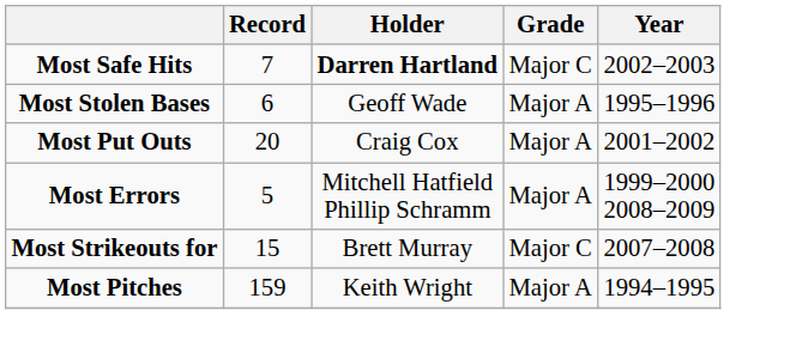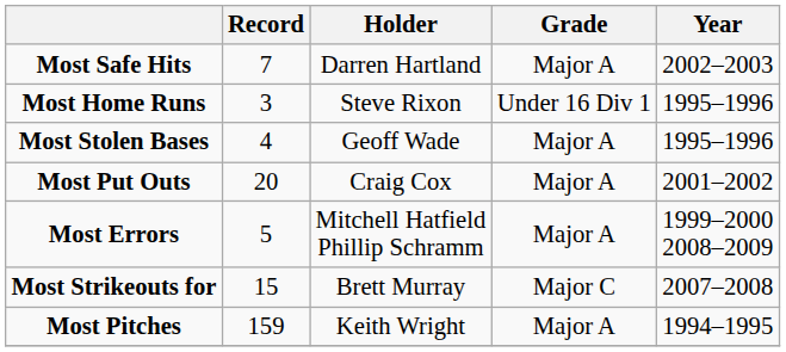 <table class="wikitable" style="text-align: center; mPERin: 0 auto;">
 <tr>
 <th></th>
 <th>Record</th>
 <th>Holder</th>
 <th>Grade</th>
 <th>Year</th>
 </tr>
 <tr>
 <td><strong>Most Safe Hits</strong></td>
 <td>7</td>
-<td><strong>Darren Hartland</strong></td>
-<td>Major C</td>
+<td>Darren Hartland</td>
+<td>Major A</td>
 <td>2002–2003</td>
 </tr>
 <tr>
+<td><strong>Most Home Runs</strong></td>
+<td>3</td>
+<td>Steve Rixon</td>
+<td>Under 16 Div 1</td>
+<td>1995–1996</td>
+</tr>
+<tr>
 <td><strong>Most Stolen Bases</strong></td>
-<td>6</td>
+<td>4</td>
 <td>Geoff Wade</td>
 <td>Major A</td>
 <td>1995–1996</td>
 </tr>
 <tr>
 <td><strong>Most Put Outs</strong></td>
 <td>20</td>
 <td>Craig Cox</td>
 <td>Major A</td>
 <td>2001–2002</td>
 </tr>
 <tr>
 <td><strong>Most Errors</strong></td>
 <td>5</td>
 <td>Mitchell Hatfield<br>Phillip Schramm</td>
 <td>Major A</td>
 <td>1999–2000<br>2008–2009</td>
 </tr>
 <tr>
 <td><strong>Most Strikeouts for</strong></td>
 <td>15</td>
 <td>Brett Murray</td>
 <td>Major C</td>
 <td>2007–2008</td>
 </tr>
 <tr>
 <td><strong>Most Pitches</strong></td>
 <td>159</td>
 <td>Keith Wright</td>
 <td>Major A</td>
 <td>1994–1995</td>
 </tr>
 <tr>
 </tr>
 </table>
